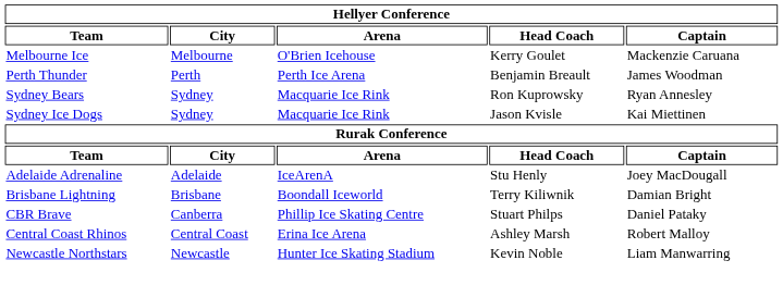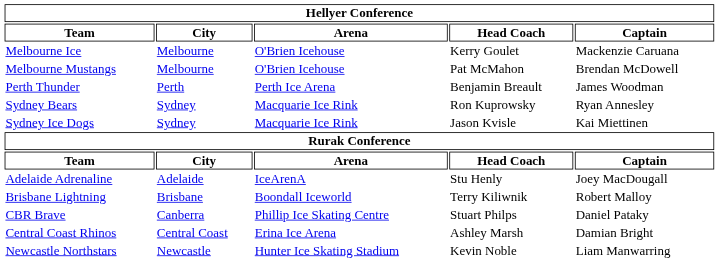 <table class="toccolours" style="width:55em">
 <tr>
 </tr>
 <tr>
 <th style="background:#FFFFFF;color:black;align:center;border:black 1px solid"colspan="5">Hellyer Conference</th>
 </tr>
 <tr>
 <th style="background:white;color:black;border:black 1px solid">Team</th>
 <th style="background:white;color:black;border:black 1px solid">City</th>
 <th style="background:white;color:black;border:black 1px solid">Arena</th>
 <th style="background:white;color:black;border:black 1px solid">Head Coach</th>
 <th style="background:white;color:black;border:black 1px solid">Captain</th>
 </tr>
 <tr>
 <td><a href='#'>Melbourne Ice</a></td>
 <td> <a href='#'>Melbourne</a></td>
 <td><a href='#'>O'Brien Icehouse</a></td>
 <td> Kerry Goulet</td>
 <td> Mackenzie Caruana</td>
+</tr>
+<tr>
+<td><a href='#'>Melbourne Mustangs</a></td>
+<td> <a href='#'>Melbourne</a></td>
+<td><a href='#'>O'Brien Icehouse</a></td>
+<td> Pat McMahon</td>
+<td> Brendan McDowell</td>
 </tr>
 <tr>
 <td><a href='#'>Perth Thunder</a></td>
 <td> <a href='#'>Perth</a></td>
 <td><a href='#'>Perth Ice Arena</a></td>
 <td> Benjamin Breault</td>
 <td> James Woodman</td>
 </tr>
 <tr>
 <td><a href='#'>Sydney Bears</a></td>
 <td> <a href='#'>Sydney</a></td>
 <td><a href='#'>Macquarie Ice Rink</a></td>
 <td> Ron Kuprowsky</td>
 <td> Ryan Annesley</td>
 </tr>
 <tr>
 <td><a href='#'>Sydney Ice Dogs</a></td>
 <td> <a href='#'>Sydney</a></td>
 <td><a href='#'>Macquarie Ice Rink</a></td>
 <td> Jason Kvisle</td>
 <td> Kai Miettinen</td>
 </tr>
 <tr>
 <th style="background:#FFFFFF;color:black;align:center;border:black 1px solid"colspan="5">Rurak Conference</th>
 </tr>
 <tr>
 <th style="background:white;color:black;border:black 1px solid">Team</th>
 <th style="background:white;color:black;border:black 1px solid">City</th>
 <th style="background:white;color:black;border:black 1px solid">Arena</th>
 <th style="background:white;color:black;border:black 1px solid">Head Coach</th>
 <th style="background:white;color:black;border:black 1px solid">Captain</th>
 </tr>
 <tr>
 <td><a href='#'>Adelaide Adrenaline</a></td>
 <td> <a href='#'>Adelaide</a></td>
 <td><a href='#'>IceArenA</a></td>
 <td> Stu Henly</td>
 <td> Joey MacDougall</td>
 </tr>
 <tr>
 <td><a href='#'>Brisbane Lightning</a></td>
 <td> <a href='#'>Brisbane</a></td>
 <td><a href='#'>Boondall Iceworld</a></td>
 <td> Terry Kiliwnik</td>
-<td> Damian Bright</td>
+<td> Robert Malloy</td>
 </tr>
 <tr>
 <td><a href='#'>CBR Brave</a></td>
 <td> <a href='#'>Canberra</a></td>
 <td><a href='#'>Phillip Ice Skating Centre</a></td>
 <td> Stuart Philps</td>
 <td> Daniel Pataky</td>
 </tr>
 <tr>
 <td><a href='#'>Central Coast Rhinos</a></td>
 <td> <a href='#'>Central Coast</a></td>
 <td><a href='#'>Erina Ice Arena</a></td>
 <td> Ashley Marsh</td>
-<td> Robert Malloy</td>
+<td> Damian Bright</td>
 </tr>
 <tr>
 <td><a href='#'>Newcastle Northstars</a></td>
 <td> <a href='#'>Newcastle</a></td>
 <td><a href='#'>Hunter Ice Skating Stadium</a></td>
 <td> Kevin Noble</td>
 <td> Liam Manwarring</td>
 </tr>
 <tr>
 </tr>
 </table>
